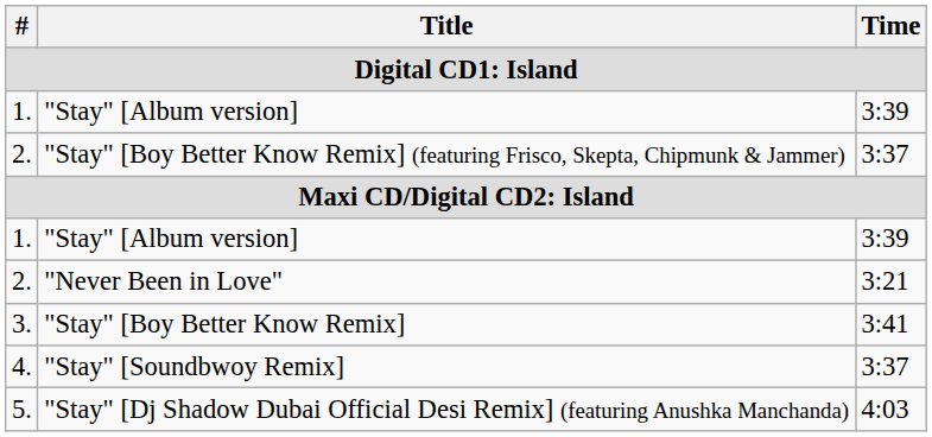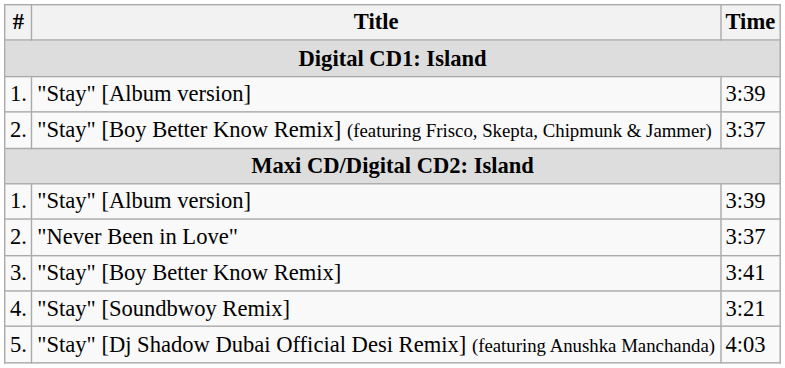 <table class="wikitable">
 <tr>
 <th>#</th>
 <th>Title</th>
 <th>Time</th>
 </tr>
 <tr>
 <td colspan=3 bgcolor="#DDDDDD" align=center><strong>Digital CD1: Island</strong></td>
 </tr>
 <tr>
 <td>1.</td>
 <td>"Stay" [Album version]</td>
 <td>3:39</td>
 </tr>
 <tr>
 <td>2.</td>
 <td>"Stay" [Boy Better Know Remix] <small>(featuring Frisco, Skepta, Chipmunk & Jammer)</small></td>
 <td>3:37</td>
 </tr>
 <tr>
 <td colspan=3 bgcolor="#DDDDDD" align=center><strong>Maxi CD/Digital CD2: Island</strong></td>
 </tr>
 <tr>
 <td>1.</td>
 <td>"Stay" [Album version]</td>
 <td>3:39</td>
 </tr>
 <tr>
 <td>2.</td>
 <td>"Never Been in Love"</td>
-<td>3:21</td>
+<td>3:37</td>
 </tr>
 <tr>
 <td>3.</td>
 <td>"Stay" [Boy Better Know Remix]</td>
 <td>3:41</td>
 </tr>
 <tr>
 <td>4.</td>
 <td>"Stay" [Soundbwoy Remix]</td>
-<td>3:37</td>
+<td>3:21</td>
 </tr>
 <tr>
 <td>5.</td>
 <td>"Stay" [Dj Shadow Dubai Official Desi Remix] <small>(featuring Anushka Manchanda)</small></td>
 <td>4:03 </td>
 </tr>
 </table>
